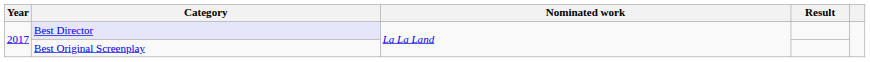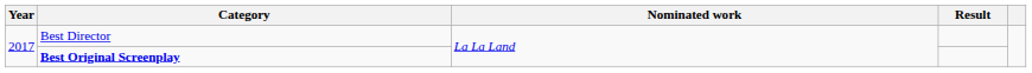 <table class=wikitable>
 <tr>
 <th scope="col" style="width:1em;">Year</th>
 <th scope="col" style="width:33em;">Category</th>
 <th scope="col" style="width:39em;">Nominated work</th>
 <th scope="col" style="width:5em;">Result</th>
 <th scope="col" style="width:1em;"></th>
 </tr>
 <tr>
 <td rowspan="2"><a href='#'>2017</a></td>
-<td style="background: lavender;"><a href='#'>Best Director</a></td>
+<td><a href='#'>Best Director</a></td>
 <td rowspan="2"><em><a href='#'>La La Land</a></em></td>
 <td></td>
 <td rowspan="2"></td>
 </tr>
 <tr>
-<td><a href='#'>Best Original Screenplay</a></td>
+<td><strong><a href='#'>Best Original Screenplay</a></strong></td>
 <td></td>
 </tr>
 </table>
